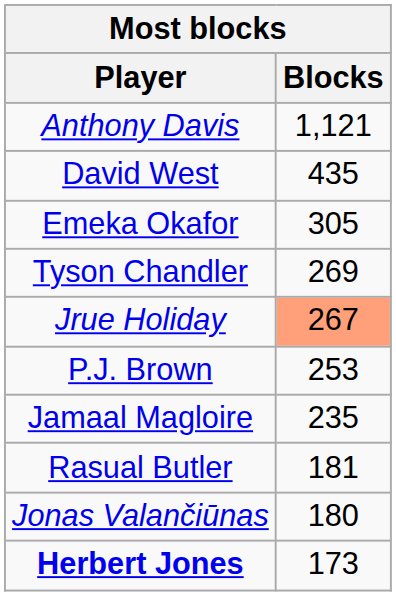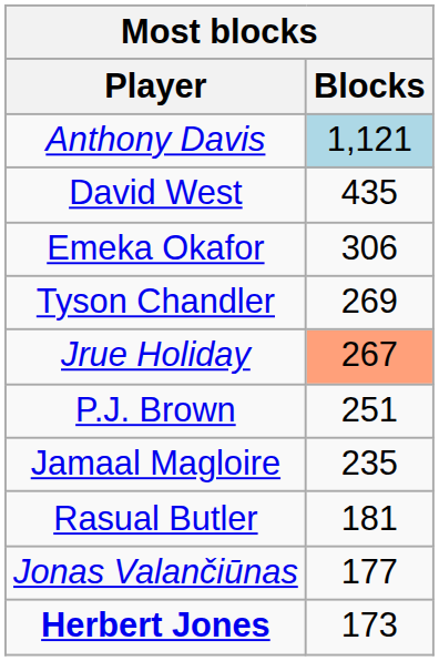 <table class="wikitable sortable" style="text-align:center">
 <tr>
 <th colspan="5">Most blocks</th>
 </tr>
 <tr>
 <th>Player</th>
 <th>Blocks</th>
 </tr>
 <tr>
 <td><em><a href='#'>Anthony Davis</a></em></td>
-<td>1,121</td>
+<td style="background: lightblue;">1,121</td>
 </tr>
 <tr>
 <td><a href='#'>David West</a></td>
 <td>435</td>
 </tr>
 <tr>
 <td><a href='#'>Emeka Okafor</a></td>
-<td>305</td>
+<td>306</td>
 </tr>
 <tr>
 <td><a href='#'>Tyson Chandler</a></td>
 <td>269</td>
 </tr>
 <tr>
 <td><em><a href='#'>Jrue Holiday</a></em></td>
 <td style="background: lightsalmon;">267</td>
 </tr>
 <tr>
 <td><a href='#'>P.J. Brown</a></td>
-<td>253</td>
+<td>251</td>
 </tr>
 <tr>
 <td><a href='#'>Jamaal Magloire</a></td>
 <td>235</td>
 </tr>
 <tr>
 <td><a href='#'>Rasual Butler</a></td>
 <td>181</td>
 </tr>
 <tr>
 <td><em><a href='#'>Jonas Valančiūnas</a></em></td>
-<td>180</td>
+<td>177</td>
 </tr>
 <tr>
 <td><strong><a href='#'>Herbert Jones</a></strong></td>
 <td>173</td>
 </tr>
 </table>
